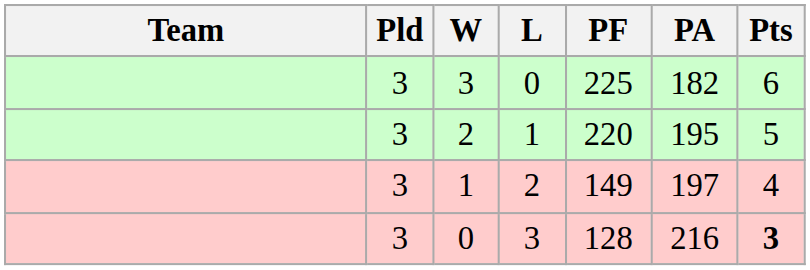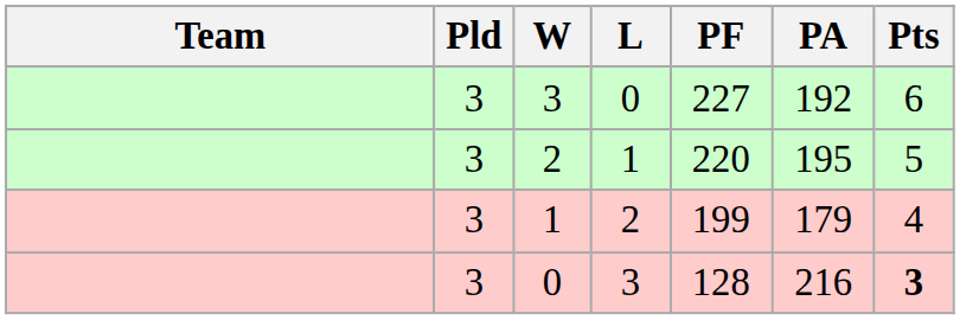 <table class="wikitable" style="text-align:center;">
 <tr>
 <th width=170>Team</th>
 <th width=25>Pld</th>
 <th width=25>W</th>
 <th width=25>L</th>
 <th width=35>PF</th>
 <th width=35>PA</th>
 <th width=25>Pts</th>
 </tr>
 <tr bgcolor=#ccffcc>
 <td align="left"></td>
 <td>3</td>
 <td>3</td>
 <td>0</td>
-<td>225</td>
-<td>182</td>
+<td>227</td>
+<td>192</td>
 <td>6</td>
 </tr>
 <tr bgcolor=#ccffcc>
 <td align="left"></td>
 <td>3</td>
 <td>2</td>
 <td>1</td>
 <td>220</td>
 <td>195</td>
 <td>5</td>
 </tr>
 <tr bgcolor=#ffcccc>
 <td align="left"></td>
 <td>3</td>
 <td>1</td>
 <td>2</td>
-<td>149</td>
-<td>197</td>
+<td>199</td>
+<td>179</td>
 <td>4</td>
 </tr>
 <tr bgcolor=#ffcccc>
 <td align="left"></td>
 <td>3</td>
 <td>0</td>
 <td>3</td>
 <td>128</td>
 <td>216</td>
 <td><strong>3</strong></td>
 </tr>
 </table>
